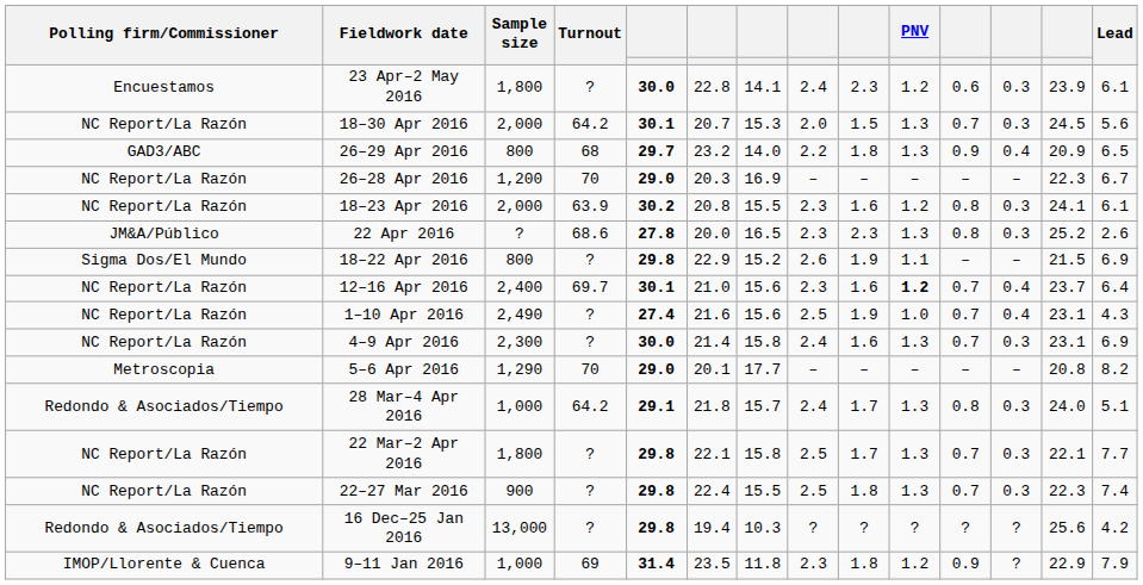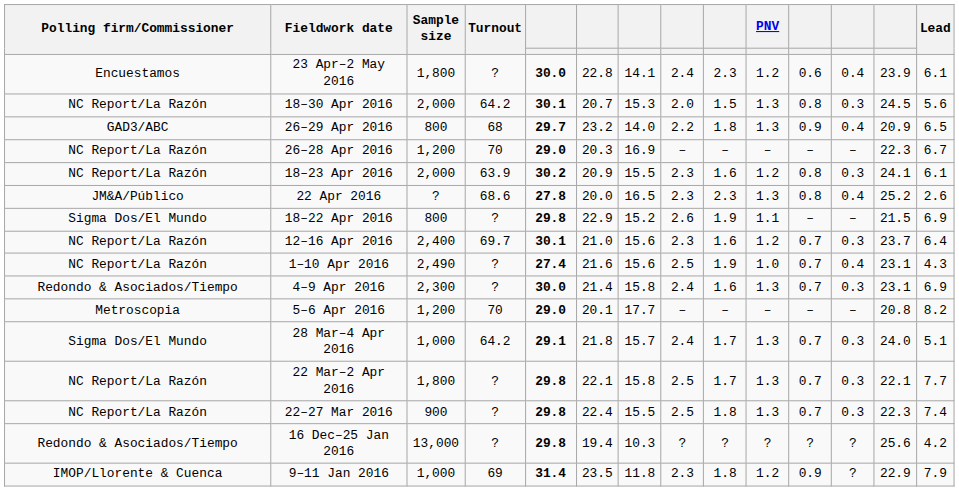 <table class="wikitable collapsible collapsed" style="text-align:center; font-size:95%; line-height:16px;">
 <tr style="height:42px;">
 <th style="width:250px;" rowspan="2">Polling firm/Commissioner</th>
 <th style="width:125px;" rowspan="2">Fieldwork date</th>
 <th style="width:50px;" rowspan="2">Sample size</th>
 <th style="width:45px;" rowspan="2">Turnout</th>
 <th style="width:43px;"></th>
 <th style="width:35px;"></th>
 <th style="width:35px;"></th>
 <th style="width:35px;"></th>
 <th style="width:35px;"> </th>
 <th style="width:35px;"><a href='#'>PNV</a></th>
 <th style="width:35px;"></th>
 <th style="width:35px;"></th>
 <th style="width:35px;"></th>
 <th style="width:30px;" rowspan="2">Lead</th>
 </tr>
 <tr>
 <th style="color:inherit;background:"></th>
 <th style="color:inherit;background:"></th>
 <th style="color:inherit;background:"></th>
 <th style="color:inherit;background:"></th>
 <th style="color:inherit;background:"></th>
 <th style="color:inherit;background:"></th>
 <th style="color:inherit;background:"></th>
 <th style="color:inherit;background:"></th>
 <th style="color:inherit;background:"></th>
 </tr>
 <tr>
 <td>Encuestamos</td>
 <td>23 Apr–2 May 2016</td>
 <td>1,800</td>
 <td>?</td>
 <td><strong>30.0</strong><br></td>
 <td>22.8<br></td>
 <td>14.1<br></td>
 <td>2.4<br></td>
 <td>2.3<br></td>
 <td>1.2<br></td>
 <td>0.6<br></td>
-<td>0.3<br></td>
+<td>0.4<br></td>
 <td>23.9<br></td>
 <td style="background:">6.1</td>
 </tr>
 <tr>
 <td>NC Report/La Razón</td>
 <td>18–30 Apr 2016</td>
 <td>2,000</td>
 <td>64.2</td>
 <td><strong>30.1</strong><br></td>
 <td>20.7<br></td>
 <td>15.3<br></td>
 <td>2.0<br></td>
 <td>1.5<br></td>
 <td>1.3<br></td>
-<td>0.7<br></td>
+<td>0.8<br></td>
 <td>0.3<br></td>
 <td>24.5<br></td>
 <td style="background:">5.6</td>
 </tr>
 <tr>
 <td>GAD3/ABC</td>
 <td>26–29 Apr 2016</td>
 <td>800</td>
 <td>68</td>
 <td><strong>29.7</strong><br></td>
 <td>23.2<br></td>
 <td>14.0<br></td>
 <td>2.2<br></td>
 <td>1.8<br></td>
 <td>1.3<br></td>
 <td>0.9<br></td>
 <td>0.4<br></td>
 <td>20.9<br></td>
 <td style="background:">6.5</td>
 </tr>
 <tr>
 <td>NC Report/La Razón</td>
 <td>26–28 Apr 2016</td>
 <td>1,200</td>
 <td>70</td>
 <td><strong>29.0</strong></td>
 <td>20.3</td>
 <td>16.9</td>
 <td>–</td>
 <td>–</td>
 <td>–</td>
 <td>–</td>
 <td>–</td>
 <td>22.3</td>
 <td style="background:">6.7</td>
 </tr>
 <tr>
 <td>NC Report/La Razón</td>
 <td>18–23 Apr 2016</td>
 <td>2,000</td>
 <td>63.9</td>
 <td><strong>30.2</strong><br></td>
-<td>20.8<br></td>
+<td>20.9<br></td>
 <td>15.5<br></td>
 <td>2.3<br></td>
 <td>1.6<br></td>
 <td>1.2<br></td>
 <td>0.8<br></td>
 <td>0.3<br></td>
 <td>24.1<br></td>
 <td style="background:">6.1</td>
 </tr>
 <tr>
 <td>JM&A/Público</td>
 <td>22 Apr 2016</td>
 <td>?</td>
 <td>68.6</td>
 <td><strong>27.8</strong><br></td>
 <td>20.0<br></td>
 <td>16.5<br></td>
 <td>2.3<br></td>
 <td>2.3<br></td>
 <td>1.3<br></td>
 <td>0.8<br></td>
-<td>0.3<br></td>
+<td>0.4<br></td>
 <td>25.2<br></td>
 <td style="background:">2.6</td>
 </tr>
 <tr>
 <td>Sigma Dos/El Mundo</td>
 <td>18–22 Apr 2016</td>
 <td>800</td>
 <td>?</td>
 <td><strong>29.8</strong><br></td>
 <td>22.9<br></td>
 <td>15.2<br></td>
 <td>2.6<br></td>
 <td>1.9<br></td>
 <td>1.1<br></td>
 <td>–</td>
 <td>–</td>
 <td>21.5<br></td>
 <td style="background:">6.9</td>
 </tr>
 <tr>
 <td>NC Report/La Razón</td>
 <td>12–16 Apr 2016</td>
 <td>2,400</td>
 <td>69.7</td>
 <td><strong>30.1</strong><br></td>
 <td>21.0<br></td>
 <td>15.6<br></td>
 <td>2.3<br></td>
 <td>1.6<br></td>
-<td><strong>1.2<br></strong></td>
+<td>1.2<br></td>
 <td>0.7<br></td>
-<td>0.4<br></td>
+<td>0.3<br></td>
 <td>23.7<br></td>
 <td style="background:">6.4</td>
 </tr>
 <tr>
 <td>NC Report/La Razón</td>
 <td>1–10 Apr 2016</td>
 <td>2,490</td>
 <td>?</td>
 <td><strong>27.4</strong><br></td>
 <td>21.6<br></td>
 <td>15.6<br></td>
 <td>2.5<br></td>
 <td>1.9<br></td>
 <td>1.0<br></td>
 <td>0.7<br></td>
 <td>0.4<br></td>
 <td>23.1<br></td>
 <td style="background:">4.3</td>
 </tr>
 <tr>
-<td>NC Report/La Razón</td>
+<td>Redondo & Asociados/Tiempo</td>
 <td>4–9 Apr 2016</td>
 <td>2,300</td>
 <td>?</td>
 <td><strong>30.0</strong></td>
 <td>21.4</td>
 <td>15.8</td>
 <td>2.4</td>
 <td>1.6</td>
 <td>1.3</td>
 <td>0.7</td>
 <td>0.3</td>
 <td>23.1</td>
 <td style="background:">6.9</td>
 </tr>
 <tr>
 <td>Metroscopia</td>
 <td>5–6 Apr 2016</td>
-<td>1,290</td>
+<td>1,200</td>
 <td>70</td>
 <td><strong>29.0</strong></td>
 <td>20.1</td>
 <td>17.7</td>
 <td>–</td>
 <td>–</td>
 <td>–</td>
 <td>–</td>
 <td>–</td>
 <td>20.8</td>
 <td style="background:">8.2</td>
 </tr>
 <tr>
-<td>Redondo & Asociados/Tiempo</td>
+<td>Sigma Dos/El Mundo</td>
 <td>28 Mar–4 Apr 2016</td>
 <td>1,000</td>
 <td>64.2</td>
 <td><strong>29.1</strong><br></td>
 <td>21.8<br></td>
 <td>15.7<br></td>
 <td>2.4<br></td>
 <td>1.7<br></td>
 <td>1.3<br></td>
-<td>0.8<br></td>
+<td>0.7<br></td>
 <td>0.3<br></td>
 <td>24.0<br></td>
 <td style="background:">5.1</td>
 </tr>
 <tr>
 <td>NC Report/La Razón</td>
 <td>22 Mar–2 Apr 2016</td>
 <td>1,800</td>
 <td>?</td>
 <td><strong>29.8</strong></td>
 <td>22.1</td>
 <td>15.8</td>
 <td>2.5</td>
 <td>1.7</td>
 <td>1.3</td>
 <td>0.7</td>
 <td>0.3</td>
 <td>22.1</td>
 <td style="background:">7.7</td>
 </tr>
 <tr>
 <td>NC Report/La Razón</td>
 <td>22–27 Mar 2016</td>
 <td>900</td>
 <td>?</td>
 <td><strong>29.8</strong></td>
 <td>22.4</td>
 <td>15.5</td>
 <td>2.5</td>
 <td>1.8</td>
 <td>1.3</td>
 <td>0.7</td>
 <td>0.3</td>
 <td>22.3</td>
 <td style="background:">7.4</td>
 </tr>
 <tr>
 <td>Redondo & Asociados/Tiempo<br></td>
 <td>16 Dec–25 Jan 2016</td>
 <td>13,000</td>
 <td>?</td>
 <td><strong>29.8</strong><br></td>
 <td>19.4<br></td>
 <td>10.3<br></td>
 <td>?<br></td>
 <td>?<br></td>
 <td>?<br></td>
 <td>?<br></td>
 <td>?<br></td>
 <td>25.6<br></td>
 <td style="background:">4.2</td>
 </tr>
 <tr>
 <td>IMOP/Llorente & Cuenca</td>
 <td>9–11 Jan 2016</td>
 <td>1,000</td>
 <td>69</td>
 <td><strong>31.4</strong><br></td>
 <td>23.5<br></td>
 <td>11.8<br></td>
 <td>2.3<br></td>
 <td>1.8<br></td>
 <td>1.2<br></td>
 <td>0.9<br></td>
 <td>?<br></td>
 <td>22.9<br></td>
 <td style="background:">7.9</td>
 </tr>
 </table>
